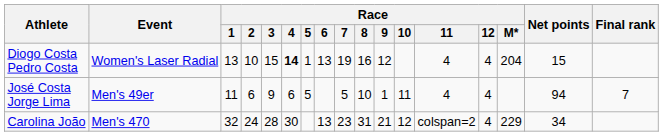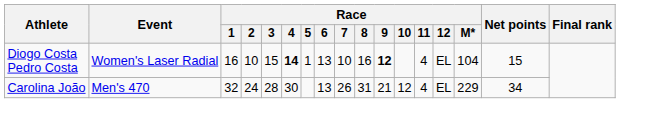 <table class="wikitable" style="font-size:90%">
 <tr>
 <th rowspan="2">Athlete</th>
 <th rowspan="2">Event</th>
 <th colspan=13>Race</th>
 <th rowspan=2>Net points</th>
 <th rowspan=2>Final rank</th>
 </tr>
 <tr style="font-size:95%">
 <th>1</th>
 <th>2</th>
 <th>3</th>
 <th>4</th>
 <th>5</th>
 <th>6</th>
 <th>7</th>
 <th>8</th>
 <th>9</th>
 <th>10</th>
 <th>11</th>
 <th>12</th>
 <th>M*</th>
 </tr>
 <tr align=center>
 <td align=left><a href='#'>Diogo Costa</a><br><a href='#'>Pedro Costa</a></td>
 <td align=left><a href='#'>Women's Laser Radial</a></td>
-<td>13</td>
+<td>16</td>
 <td>10</td>
 <td>15</td>
 <td><strong>14</strong></td>
 <td>1</td>
 <td>13</td>
-<td>19</td>
+<td>10</td>
 <td>16</td>
-<td>12</td>
+<td><strong>12</strong></td>
 <td></td>
 <td>4</td>
-<td>4</td>
-<td>204</td>
+<td>EL</td>
+<td>104</td>
 <td>15</td>
-</tr>
-<tr align=center>
-<td align=left><a href='#'>José Costa</a><br><a href='#'>Jorge Lima</a></td>
-<td align=left><a href='#'>Men's 49er</a></td>
-<td>11</td>
-<td>6</td>
-<td>9</td>
-<td>6</td>
-<td>5</td>
-<td></td>
-<td>5</td>
-<td>10</td>
-<td>1</td>
-<td>11</td>
-<td>4</td>
-<td>4</td>
-<td></td>
-<td>94</td>
-<td>7</td>
 </tr>
 <tr align=center>
 <td align=left><a href='#'>Carolina João</a></td>
 <td align=left><a href='#'>Men's 470</a></td>
 <td>32</td>
 <td>24</td>
 <td>28</td>
 <td>30</td>
 <td></td>
 <td>13</td>
-<td>23</td>
+<td>26</td>
 <td>31</td>
 <td>21</td>
 <td>12</td>
-<td>colspan=2 </td>
 <td>4</td>
+<td>EL</td>
 <td>229</td>
 <td>34</td>
 </tr>
 </table>
